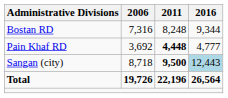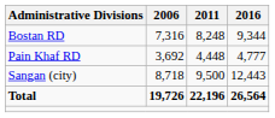 <table class="wikitable">
 <tr>
 <th>Administrative Divisions</th>
 <th>2006</th>
 <th>2011</th>
 <th>2016</th>
 </tr>
 <tr>
 <td><a href='#'>Bostan RD</a></td>
 <td style="text-align: right;">7,316</td>
 <td style="text-align: right;">8,248</td>
 <td style="text-align: right;">9,344</td>
 </tr>
 <tr>
 <td><a href='#'>Pain Khaf RD</a></td>
 <td style="text-align: right;">3,692</td>
-<td style="text-align: right;"><strong>4,448</strong></td>
+<td style="text-align: right;">4,448</td>
 <td style="text-align: right;">4,777</td>
 </tr>
 <tr>
 <td><a href='#'>Sangan</a> (city)</td>
 <td style="text-align: right;">8,718</td>
-<td style="text-align: right;"><strong>9,500</strong></td>
-<td style="background: lightblue; text-align: right;">12,443</td>
+<td style="text-align: right;">9,500</td>
+<td style="text-align: right;">12,443</td>
 </tr>
 <tr>
 <td><strong>Total</strong></td>
 <td style="text-align: right;"><strong>19,726</strong></td>
 <td style="text-align: right;"><strong>22,196</strong></td>
 <td style="text-align: right;"><strong>26,564</strong></td>
 </tr>
 <tr>
 <td colspan=4></td>
 </tr>
 </table>
